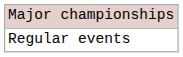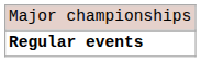 <table class=wikitable style="font-size:95%">
 <tr style="background:#e5d1cb;">
 <td>Major championships</td>
 </tr>
 <tr style="background:#fff;">
-<td>Regular events</td>
+<td><strong>Regular events</strong></td>
 </tr>
 </table>
